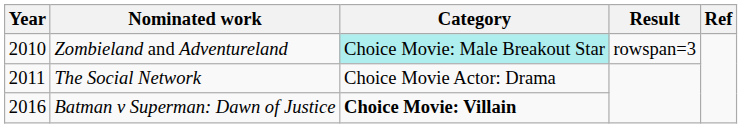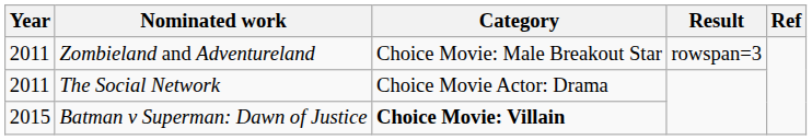 <table class="wikitable">
 <tr>
 <th>Year</th>
 <th>Nominated work</th>
 <th>Category</th>
 <th>Result</th>
 <th>Ref</th>
 </tr>
 <tr>
-<td>2010</td>
+<td>2011</td>
 <td><em>Zombieland</em> and <em>Adventureland</em></td>
-<td style="background: paleturquoise;">Choice Movie: Male Breakout Star</td>
+<td>Choice Movie: Male Breakout Star</td>
 <td>rowspan=3 </td>
 <td rowspan=3></td>
 </tr>
 <tr>
 <td>2011</td>
 <td><em>The Social Network</em></td>
 <td>Choice Movie Actor: Drama</td>
 </tr>
 <tr>
-<td>2016</td>
+<td>2015</td>
 <td><em>Batman v Superman: Dawn of Justice</em></td>
 <td><strong>Choice Movie: Villain</strong></td>
 </tr>
 </table>
